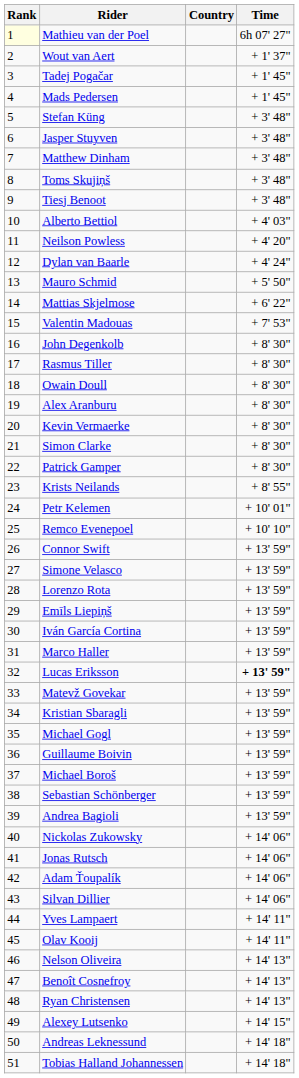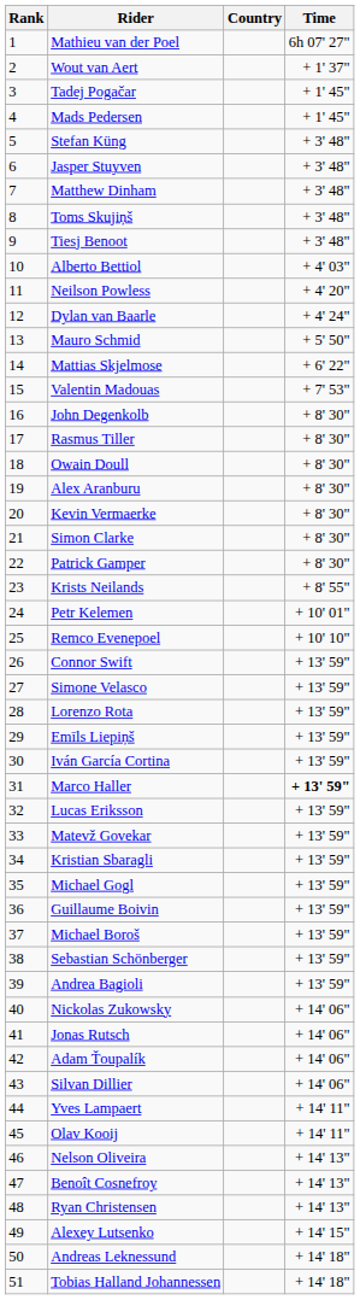 <table class="wikitable sortable" style="font-size:95%; text-align:left;">
 <tr>
 <th>Rank</th>
 <th>Rider</th>
 <th>Country</th>
 <th>Time</th>
 </tr>
 <tr>
-<td style="background: lightyellow;">1</td>
+<td>1</td>
 <td><a href='#'>Mathieu van der Poel</a></td>
 <td></td>
 <td align=right>6h 07' 27"</td>
 </tr>
 <tr>
 <td>2</td>
 <td><a href='#'>Wout van Aert</a></td>
 <td></td>
 <td align=right>+ 1' 37"</td>
 </tr>
 <tr>
 <td>3</td>
 <td><a href='#'>Tadej Pogačar</a></td>
 <td></td>
 <td align=right>+ 1' 45"</td>
 </tr>
 <tr>
 <td>4</td>
 <td><a href='#'>Mads Pedersen</a></td>
 <td></td>
 <td align=right>+ 1' 45"</td>
 </tr>
 <tr>
 <td>5</td>
 <td><a href='#'>Stefan Küng</a></td>
 <td></td>
 <td align=right>+ 3' 48"</td>
 </tr>
 <tr>
 <td>6</td>
 <td><a href='#'>Jasper Stuyven</a></td>
 <td></td>
 <td align=right>+ 3' 48"</td>
 </tr>
 <tr>
 <td>7</td>
 <td><a href='#'>Matthew Dinham</a></td>
 <td></td>
 <td align=right>+ 3' 48"</td>
 </tr>
 <tr>
 <td>8</td>
 <td><a href='#'>Toms Skujiņš</a></td>
 <td></td>
 <td align=right>+ 3' 48"</td>
 </tr>
 <tr>
 <td>9</td>
 <td><a href='#'>Tiesj Benoot</a></td>
 <td></td>
 <td align=right>+ 3' 48"</td>
 </tr>
 <tr>
 <td>10</td>
 <td><a href='#'>Alberto Bettiol</a></td>
 <td></td>
 <td align=right>+ 4' 03"</td>
 </tr>
 <tr>
 <td>11</td>
 <td><a href='#'>Neilson Powless</a></td>
 <td></td>
 <td align=right>+ 4' 20"</td>
 </tr>
 <tr>
 <td>12</td>
 <td><a href='#'>Dylan van Baarle</a></td>
 <td></td>
 <td align=right>+ 4' 24"</td>
 </tr>
 <tr>
 <td>13</td>
 <td><a href='#'>Mauro Schmid</a></td>
 <td></td>
 <td align=right>+ 5' 50"</td>
 </tr>
 <tr>
 <td>14</td>
 <td><a href='#'>Mattias Skjelmose</a></td>
 <td></td>
 <td align=right>+ 6' 22"</td>
 </tr>
 <tr>
 <td>15</td>
 <td><a href='#'>Valentin Madouas</a></td>
 <td></td>
 <td align=right>+ 7' 53"</td>
 </tr>
 <tr>
 <td>16</td>
 <td><a href='#'>John Degenkolb</a></td>
 <td></td>
 <td align=right>+ 8' 30"</td>
 </tr>
 <tr>
 <td>17</td>
 <td><a href='#'>Rasmus Tiller</a></td>
 <td></td>
 <td align=right>+ 8' 30"</td>
 </tr>
 <tr>
 <td>18</td>
 <td><a href='#'>Owain Doull</a></td>
 <td></td>
 <td align=right>+ 8' 30"</td>
 </tr>
 <tr>
 <td>19</td>
 <td><a href='#'>Alex Aranburu</a></td>
 <td></td>
 <td align=right>+ 8' 30"</td>
 </tr>
 <tr>
 <td>20</td>
 <td><a href='#'>Kevin Vermaerke</a></td>
 <td></td>
 <td align=right>+ 8' 30"</td>
 </tr>
 <tr>
 <td>21</td>
 <td><a href='#'>Simon Clarke</a></td>
 <td></td>
 <td align=right>+ 8' 30"</td>
 </tr>
 <tr>
 <td>22</td>
 <td><a href='#'>Patrick Gamper</a></td>
 <td></td>
 <td align=right>+ 8' 30"</td>
 </tr>
 <tr>
 <td>23</td>
 <td><a href='#'>Krists Neilands</a></td>
 <td></td>
 <td align=right>+ 8' 55"</td>
 </tr>
 <tr>
 <td>24</td>
 <td><a href='#'>Petr Kelemen</a></td>
 <td></td>
 <td align=right>+ 10' 01"</td>
 </tr>
 <tr>
 <td>25</td>
 <td><a href='#'>Remco Evenepoel</a></td>
 <td></td>
 <td align=right>+ 10' 10"</td>
 </tr>
 <tr>
 <td>26</td>
 <td><a href='#'>Connor Swift</a></td>
 <td></td>
 <td align=right>+ 13' 59"</td>
 </tr>
 <tr>
 <td>27</td>
 <td><a href='#'>Simone Velasco</a></td>
 <td></td>
 <td align=right>+ 13' 59"</td>
 </tr>
 <tr>
 <td>28</td>
 <td><a href='#'>Lorenzo Rota</a></td>
 <td></td>
 <td align=right>+ 13' 59"</td>
 </tr>
 <tr>
 <td>29</td>
 <td><a href='#'>Emīls Liepiņš</a></td>
 <td></td>
 <td align=right>+ 13' 59"</td>
 </tr>
 <tr>
 <td>30</td>
 <td><a href='#'>Iván García Cortina</a></td>
 <td></td>
 <td align=right>+ 13' 59"</td>
 </tr>
 <tr>
 <td>31</td>
 <td><a href='#'>Marco Haller</a></td>
 <td></td>
-<td align=right>+ 13' 59"</td>
+<td align=right><strong>+ 13' 59"</strong></td>
 </tr>
 <tr>
 <td>32</td>
 <td><a href='#'>Lucas Eriksson</a></td>
 <td></td>
-<td align=right><strong>+ 13' 59"</strong></td>
+<td align=right>+ 13' 59"</td>
 </tr>
 <tr>
 <td>33</td>
 <td><a href='#'>Matevž Govekar</a></td>
 <td></td>
 <td align=right>+ 13' 59"</td>
 </tr>
 <tr>
 <td>34</td>
 <td><a href='#'>Kristian Sbaragli</a></td>
 <td></td>
 <td align=right>+ 13' 59"</td>
 </tr>
 <tr>
 <td>35</td>
 <td><a href='#'>Michael Gogl</a></td>
 <td></td>
 <td align=right>+ 13' 59"</td>
 </tr>
 <tr>
 <td>36</td>
 <td><a href='#'>Guillaume Boivin</a></td>
 <td></td>
 <td align=right>+ 13' 59"</td>
 </tr>
 <tr>
 <td>37</td>
 <td><a href='#'>Michael Boroš</a></td>
 <td></td>
 <td align=right>+ 13' 59"</td>
 </tr>
 <tr>
 <td>38</td>
 <td><a href='#'>Sebastian Schönberger</a></td>
 <td></td>
 <td align=right>+ 13' 59"</td>
 </tr>
 <tr>
 <td>39</td>
 <td><a href='#'>Andrea Bagioli</a></td>
 <td></td>
 <td align=right>+ 13' 59"</td>
 </tr>
 <tr>
 <td>40</td>
 <td><a href='#'>Nickolas Zukowsky</a></td>
 <td></td>
 <td align=right>+ 14' 06"</td>
 </tr>
 <tr>
 <td>41</td>
 <td><a href='#'>Jonas Rutsch</a></td>
 <td></td>
 <td align=right>+ 14' 06"</td>
 </tr>
 <tr>
 <td>42</td>
 <td><a href='#'>Adam Ťoupalík</a></td>
 <td></td>
 <td align=right>+ 14' 06"</td>
 </tr>
 <tr>
 <td>43</td>
 <td><a href='#'>Silvan Dillier</a></td>
 <td></td>
 <td align=right>+ 14' 06"</td>
 </tr>
 <tr>
 <td>44</td>
 <td><a href='#'>Yves Lampaert</a></td>
 <td></td>
 <td align=right>+ 14' 11"</td>
 </tr>
 <tr>
 <td>45</td>
 <td><a href='#'>Olav Kooij</a></td>
 <td></td>
 <td align=right>+ 14' 11"</td>
 </tr>
 <tr>
 <td>46</td>
 <td><a href='#'>Nelson Oliveira</a></td>
 <td></td>
 <td align=right>+ 14' 13"</td>
 </tr>
 <tr>
 <td>47</td>
 <td><a href='#'>Benoît Cosnefroy</a></td>
 <td></td>
 <td align=right>+ 14' 13"</td>
 </tr>
 <tr>
 <td>48</td>
 <td><a href='#'>Ryan Christensen</a></td>
 <td></td>
 <td align=right>+ 14' 13"</td>
 </tr>
 <tr>
 <td>49</td>
 <td><a href='#'>Alexey Lutsenko</a></td>
 <td></td>
 <td align=right>+ 14' 15"</td>
 </tr>
 <tr>
 <td>50</td>
 <td><a href='#'>Andreas Leknessund</a></td>
 <td></td>
 <td align=right>+ 14' 18"</td>
 </tr>
 <tr>
 <td>51</td>
 <td><a href='#'>Tobias Halland Johannessen</a></td>
 <td></td>
 <td align=right>+ 14' 18"</td>
 </tr>
 </table>
